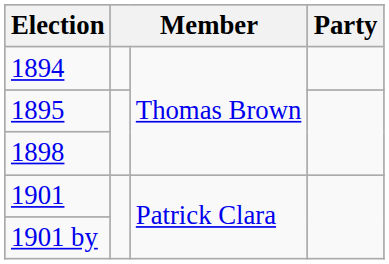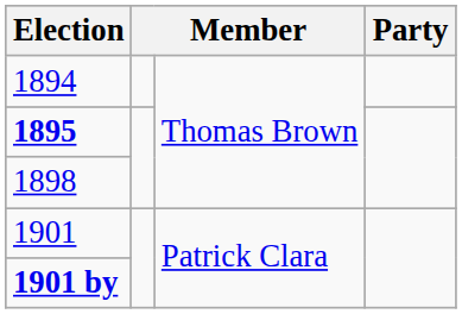 <table class="wikitable">
 <tr>
 <th>Election</th>
 <th colspan="2">Member</th>
 <th>Party</th>
 </tr>
 <tr>
 <td><a href='#'>1894</a></td>
 <td> </td>
 <td rowspan="3"><a href='#'>Thomas Brown</a></td>
 <td></td>
 </tr>
 <tr>
-<td><a href='#'>1895</a></td>
+<td><strong><a href='#'>1895</a></strong></td>
 <td rowspan="2" > </td>
 <td rowspan="2"></td>
 </tr>
 <tr>
 <td><a href='#'>1898</a></td>
 </tr>
 <tr>
 <td><a href='#'>1901</a></td>
 <td rowspan="2" > </td>
 <td rowspan="2"><a href='#'>Patrick Clara</a></td>
 <td rowspan="2"></td>
 </tr>
 <tr>
-<td><a href='#'>1901 by</a></td>
+<td><strong><a href='#'>1901 by</a></strong></td>
 </tr>
 </table>
